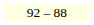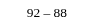 <table style="text-align:center">
 <tr>
 <th width=200></th>
 <th width=100></th>
 <th width=200></th>
 <th></th>
 </tr>
 <tr>
 <td align=right><strong></strong></td>
-<td style="background: lightyellow;">92 – 88</td>
+<td>92 – 88</td>
 <td align=left></td>
 </tr>
 </table>
